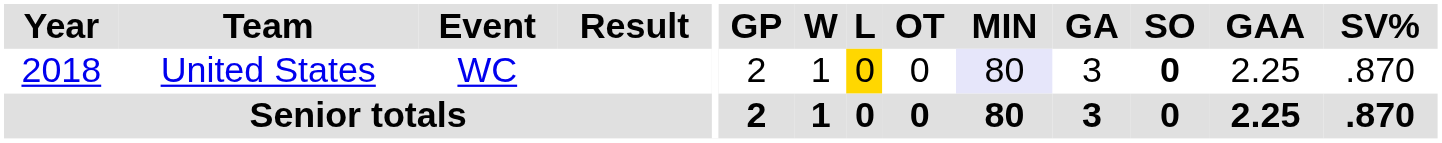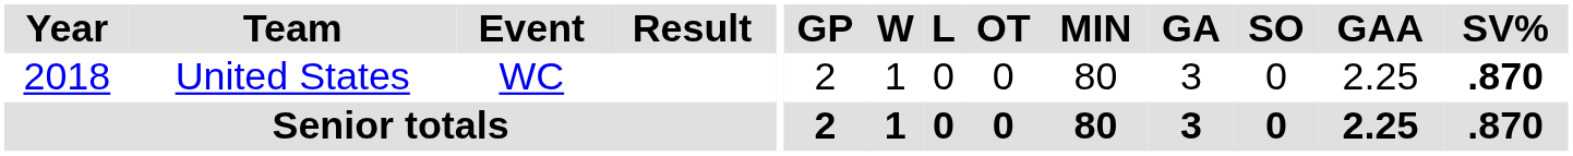 <table border="0" cellpadding="1" cellspacing="0" ID="Table3" style="text-align:center; width:40em;">
 <tr bgcolor="#e0e0e0">
 <th>Year</th>
 <th>Team</th>
 <th>Event</th>
 <th>Result</th>
 <th rowspan="99" bgcolor="#ffffff"></th>
 <th>GP</th>
 <th>W</th>
 <th>L</th>
 <th>OT</th>
 <th>MIN</th>
 <th>GA</th>
 <th>SO</th>
 <th>GAA</th>
 <th>SV%</th>
 </tr>
 <tr>
 <td><a href='#'>2018</a></td>
 <td><a href='#'>United States</a></td>
 <td><a href='#'>WC</a></td>
 <td></td>
 <td>2</td>
 <td>1</td>
-<td style="background: gold;">0</td>
 <td>0</td>
-<td style="background: lavender;">80</td>
+<td>0</td>
+<td>80</td>
 <td>3</td>
-<td><strong>0</strong></td>
+<td>0</td>
 <td>2.25</td>
-<td>.870</td>
+<td><strong>.870</strong></td>
 </tr>
 <tr bgcolor="#e0e0e0">
 <th colspan=4>Senior totals</th>
 <th>2</th>
 <th>1</th>
 <th>0</th>
 <th>0</th>
 <th>80</th>
 <th>3</th>
 <th>0</th>
 <th>2.25</th>
 <th>.870</th>
 </tr>
 </table>
